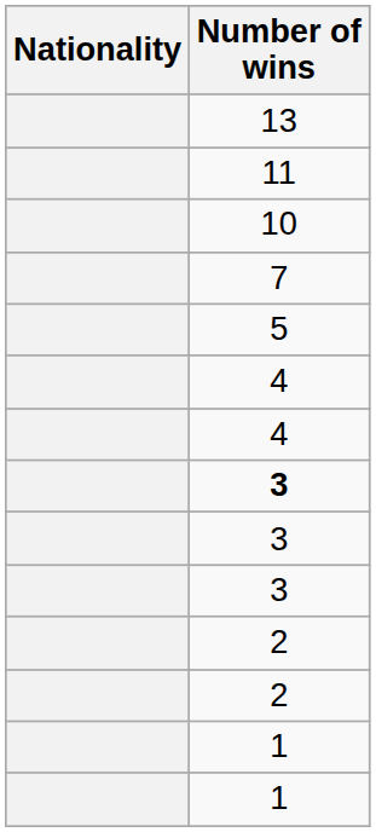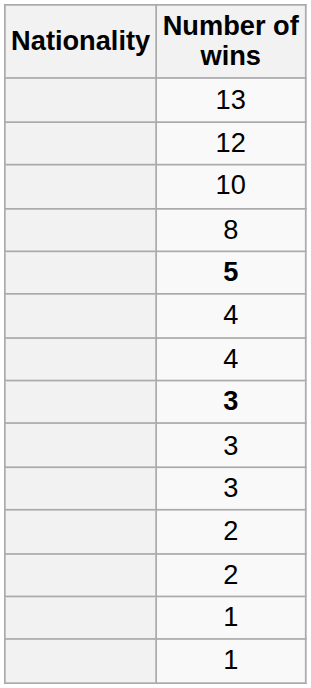 <table class="wikitable plainrowheaders">
 <tr bgcolor="#efefef">
 <th scope=col>Nationality</th>
 <th scope=col>Number of<br>wins</th>
 </tr>
 <tr>
 <th scope=row></th>
 <td align=center>13</td>
 </tr>
 <tr>
 <th scope=row></th>
-<td align=center>11</td>
+<td align=center>12</td>
 </tr>
 <tr>
 <th scope=row></th>
 <td align=center>10</td>
 </tr>
 <tr>
 <th scope=row></th>
-<td align=center>7</td>
+<td align=center>8</td>
 </tr>
 <tr>
 <th scope=row></th>
-<td align=center>5</td>
+<td align=center><strong>5</strong></td>
 </tr>
 <tr>
 <th scope=row></th>
 <td align=center>4</td>
 </tr>
 <tr>
 <th scope=row></th>
 <td align=center>4</td>
 </tr>
 <tr>
 <th scope=row></th>
 <td align=center><strong>3</strong></td>
 </tr>
 <tr>
 <th scope=row></th>
 <td align=center>3</td>
 </tr>
 <tr>
 <th scope=row></th>
 <td align=center>3</td>
 </tr>
 <tr>
 <th scope=row></th>
 <td align=center>2</td>
 </tr>
 <tr>
 <th scope=row></th>
 <td align=center>2</td>
 </tr>
 <tr>
 <th scope=row></th>
 <td align=center>1</td>
 </tr>
 <tr>
 <th scope=row></th>
 <td align=center>1</td>
 </tr>
 </table>
